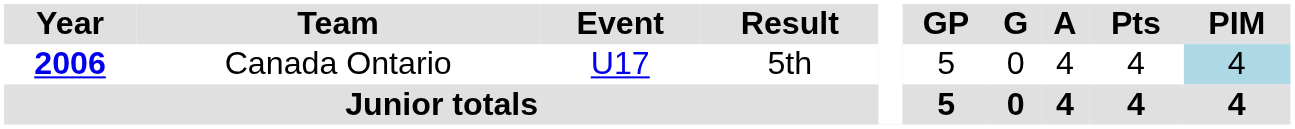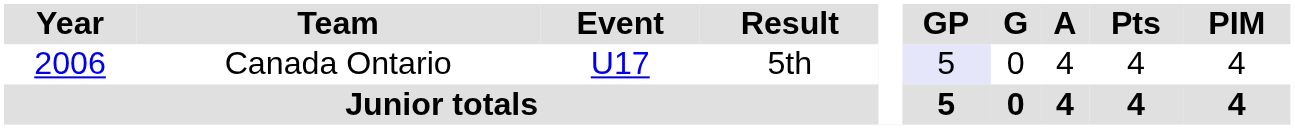 <table border="0" cellpadding="1" cellspacing="0" style="text-align:center; width:40em">
 <tr ALIGN="centre" bgcolor="#e0e0e0">
 <th>Year</th>
 <th>Team</th>
 <th>Event</th>
 <th>Result</th>
 <th rowspan="99" bgcolor="#ffffff"> </th>
 <th>GP</th>
 <th>G</th>
 <th>A</th>
 <th>Pts</th>
 <th>PIM</th>
 </tr>
 <tr>
-<td><strong><a href='#'>2006</a></strong></td>
+<td><a href='#'>2006</a></td>
 <td>Canada Ontario</td>
 <td><a href='#'>U17</a></td>
 <td>5th</td>
-<td>5</td>
+<td style="background: lavender;">5</td>
 <td>0</td>
 <td>4</td>
 <td>4</td>
-<td style="background: lightblue;">4</td>
+<td>4</td>
 </tr>
 <tr bgcolor="#e0e0e0">
 <th colspan=4>Junior totals</th>
 <th>5</th>
 <th>0</th>
 <th>4</th>
 <th>4</th>
 <th>4</th>
 </tr>
 </table>
